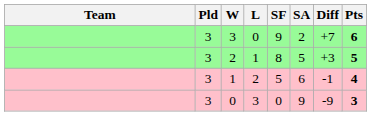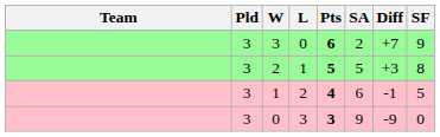 <table class=wikitable style="text-align:center">
 <tr>
 <th width=220>Team</th>
 <th width=20>Pld</th>
 <th width=20>W</th>
 <th width=20>L</th>
-<th width=20>SF</th>
+<th width=20>Pts</th>
 <th width=20>SA</th>
 <th width=20>Diff</th>
-<th width=20>Pts</th>
+<th width=20>SF</th>
 </tr>
 <tr style="background: #98fb98">
 <td align=left></td>
 <td>3</td>
 <td>3</td>
 <td>0</td>
-<td>9</td>
+<td><strong>6</strong></td>
 <td>2</td>
 <td>+7</td>
-<td><strong>6</strong></td>
+<td>9</td>
 </tr>
 <tr style="background: #98fb98">
 <td align=left></td>
 <td>3</td>
 <td>2</td>
 <td>1</td>
-<td>8</td>
+<td><strong>5</strong></td>
 <td>5</td>
 <td>+3</td>
-<td><strong>5</strong></td>
+<td>8</td>
 </tr>
 <tr style="background: pink">
 <td align=left></td>
 <td>3</td>
 <td>1</td>
 <td>2</td>
-<td>5</td>
+<td><strong>4</strong></td>
 <td>6</td>
 <td>-1</td>
-<td><strong>4</strong></td>
+<td>5</td>
 </tr>
 <tr style="background: pink">
 <td align=left></td>
 <td>3</td>
 <td>0</td>
 <td>3</td>
-<td>0</td>
+<td><strong>3</strong></td>
 <td>9</td>
 <td>-9</td>
-<td><strong>3</strong></td>
+<td>0</td>
 </tr>
 </table>
